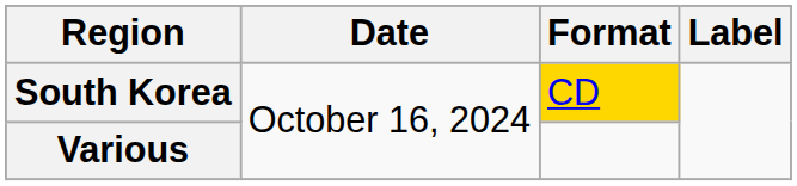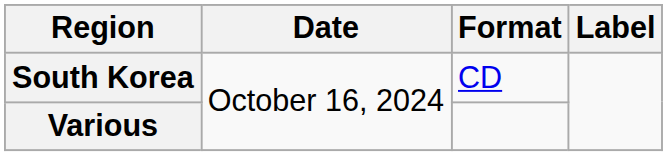 <table class="wikitable plainrowheaders">
 <tr>
 <th scope="col">Region</th>
 <th scope="col">Date</th>
 <th scope="col">Format</th>
 <th scope="col">Label</th>
 </tr>
 <tr>
 <th scope="row">South Korea</th>
 <td rowspan="2">October 16, 2024</td>
-<td style="background: gold;"><a href='#'>CD</a></td>
+<td><a href='#'>CD</a></td>
 <td rowspan="2"></td>
 </tr>
 <tr>
 <th scope="row">Various </th>
 <td></td>
 </tr>
 </table>
